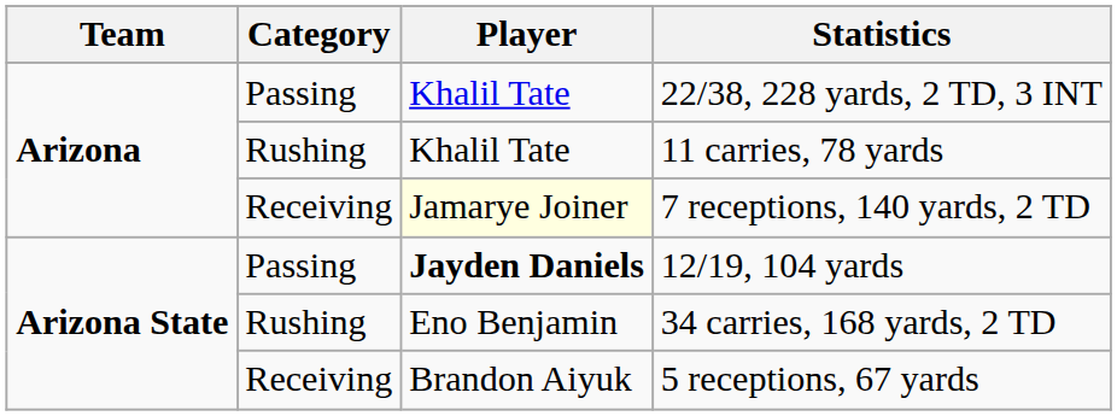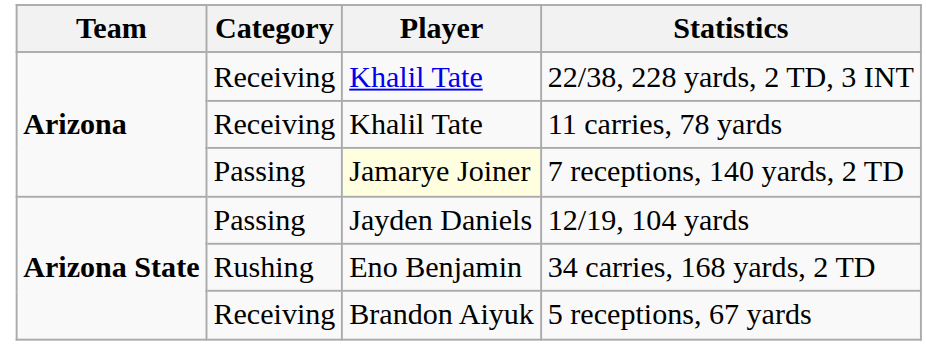 <table class="wikitable" style="float: right;">
 <tr>
 <th>Team</th>
 <th>Category</th>
 <th>Player</th>
 <th>Statistics</th>
 </tr>
 <tr>
 <td rowspan=3><strong>Arizona</strong></td>
-<td>Passing</td>
+<td>Receiving</td>
 <td><a href='#'>Khalil Tate</a></td>
 <td>22/38, 228 yards, 2 TD, 3 INT</td>
 </tr>
 <tr>
-<td>Rushing</td>
+<td>Receiving</td>
 <td>Khalil Tate</td>
 <td>11 carries, 78 yards</td>
 </tr>
 <tr>
-<td>Receiving</td>
+<td>Passing</td>
 <td style="background: lightyellow;">Jamarye Joiner</td>
 <td>7 receptions, 140 yards, 2 TD</td>
 </tr>
 <tr>
 <td rowspan=3><strong>Arizona State</strong></td>
 <td>Passing</td>
-<td><strong>Jayden Daniels</strong></td>
+<td>Jayden Daniels</td>
 <td>12/19, 104 yards</td>
 </tr>
 <tr>
 <td>Rushing</td>
 <td>Eno Benjamin</td>
 <td>34 carries, 168 yards, 2 TD</td>
 </tr>
 <tr>
 <td>Receiving</td>
 <td>Brandon Aiyuk</td>
 <td>5 receptions, 67 yards</td>
 </tr>
 </table>
